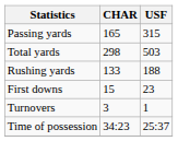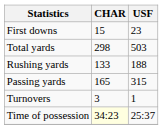 <table class="wikitable" style="float: left;">
 <tr>
 <th>Statistics</th>
 <th>CHAR</th>
 <th>USF</th>
 </tr>
 <tr>
-<td>Passing yards</td>
-<td>165</td>
-<td>315</td>
+<td>First downs</td>
+<td>15</td>
+<td>23</td>
 </tr>
 <tr>
 <td>Total yards</td>
 <td>298</td>
 <td>503</td>
 </tr>
 <tr>
 <td>Rushing yards</td>
 <td>133</td>
 <td>188</td>
 </tr>
 <tr>
-<td>First downs</td>
-<td>15</td>
-<td>23</td>
+<td>Passing yards</td>
+<td>165</td>
+<td>315</td>
 </tr>
 <tr>
 <td>Turnovers</td>
 <td>3</td>
 <td>1</td>
 </tr>
 <tr>
 <td>Time of possession</td>
-<td>34:23</td>
+<td style="background: lightyellow;">34:23</td>
 <td>25:37</td>
 </tr>
 <tr>
 </tr>
 </table>
